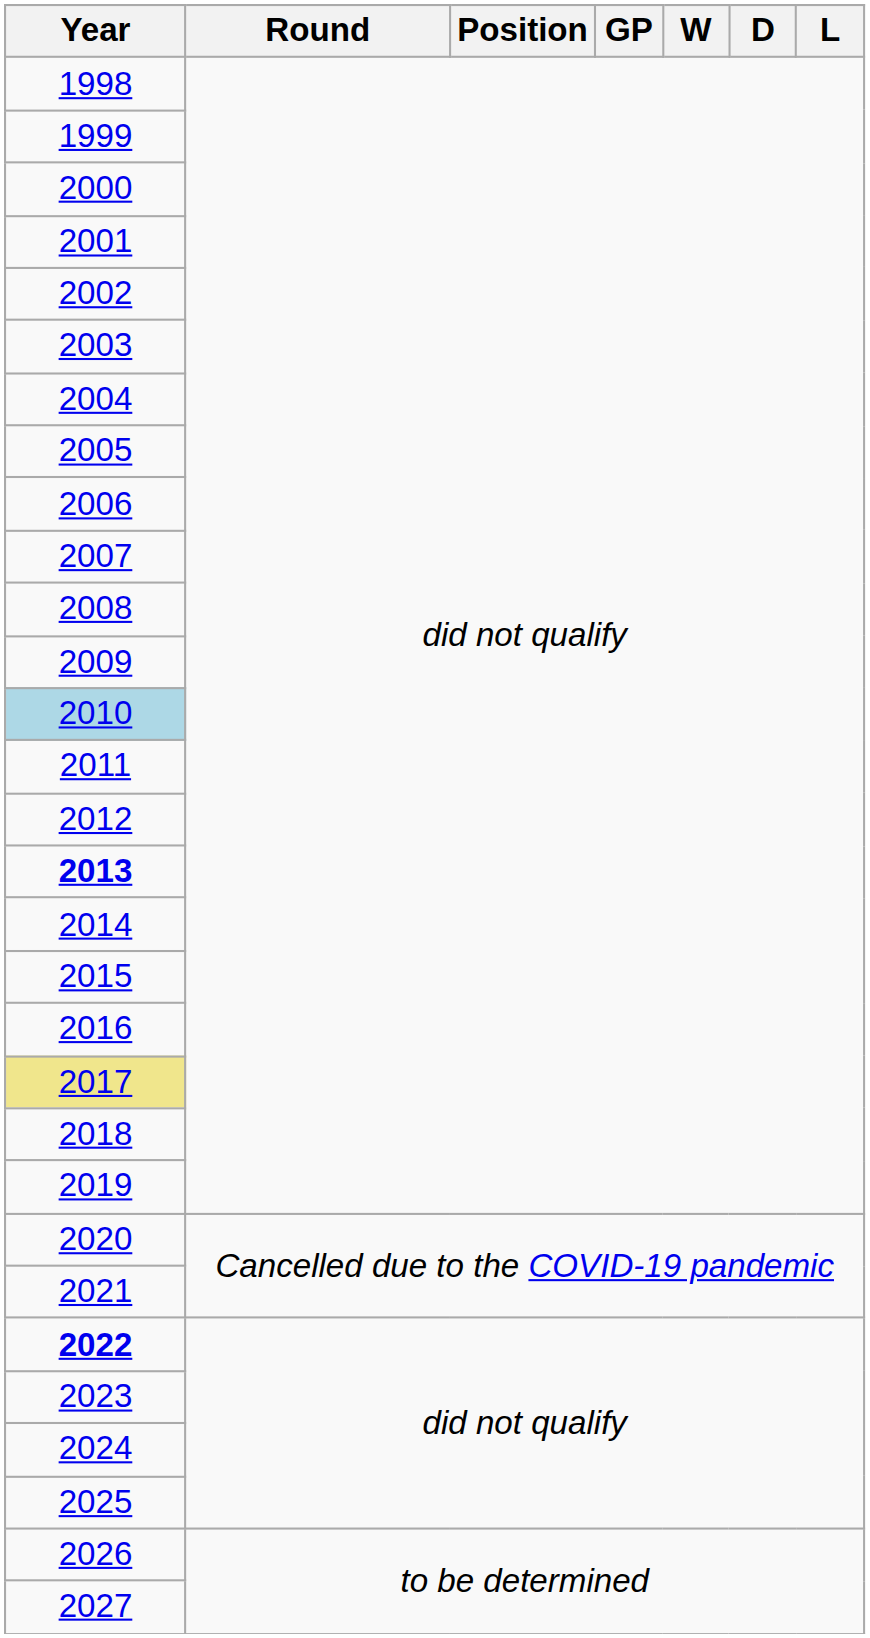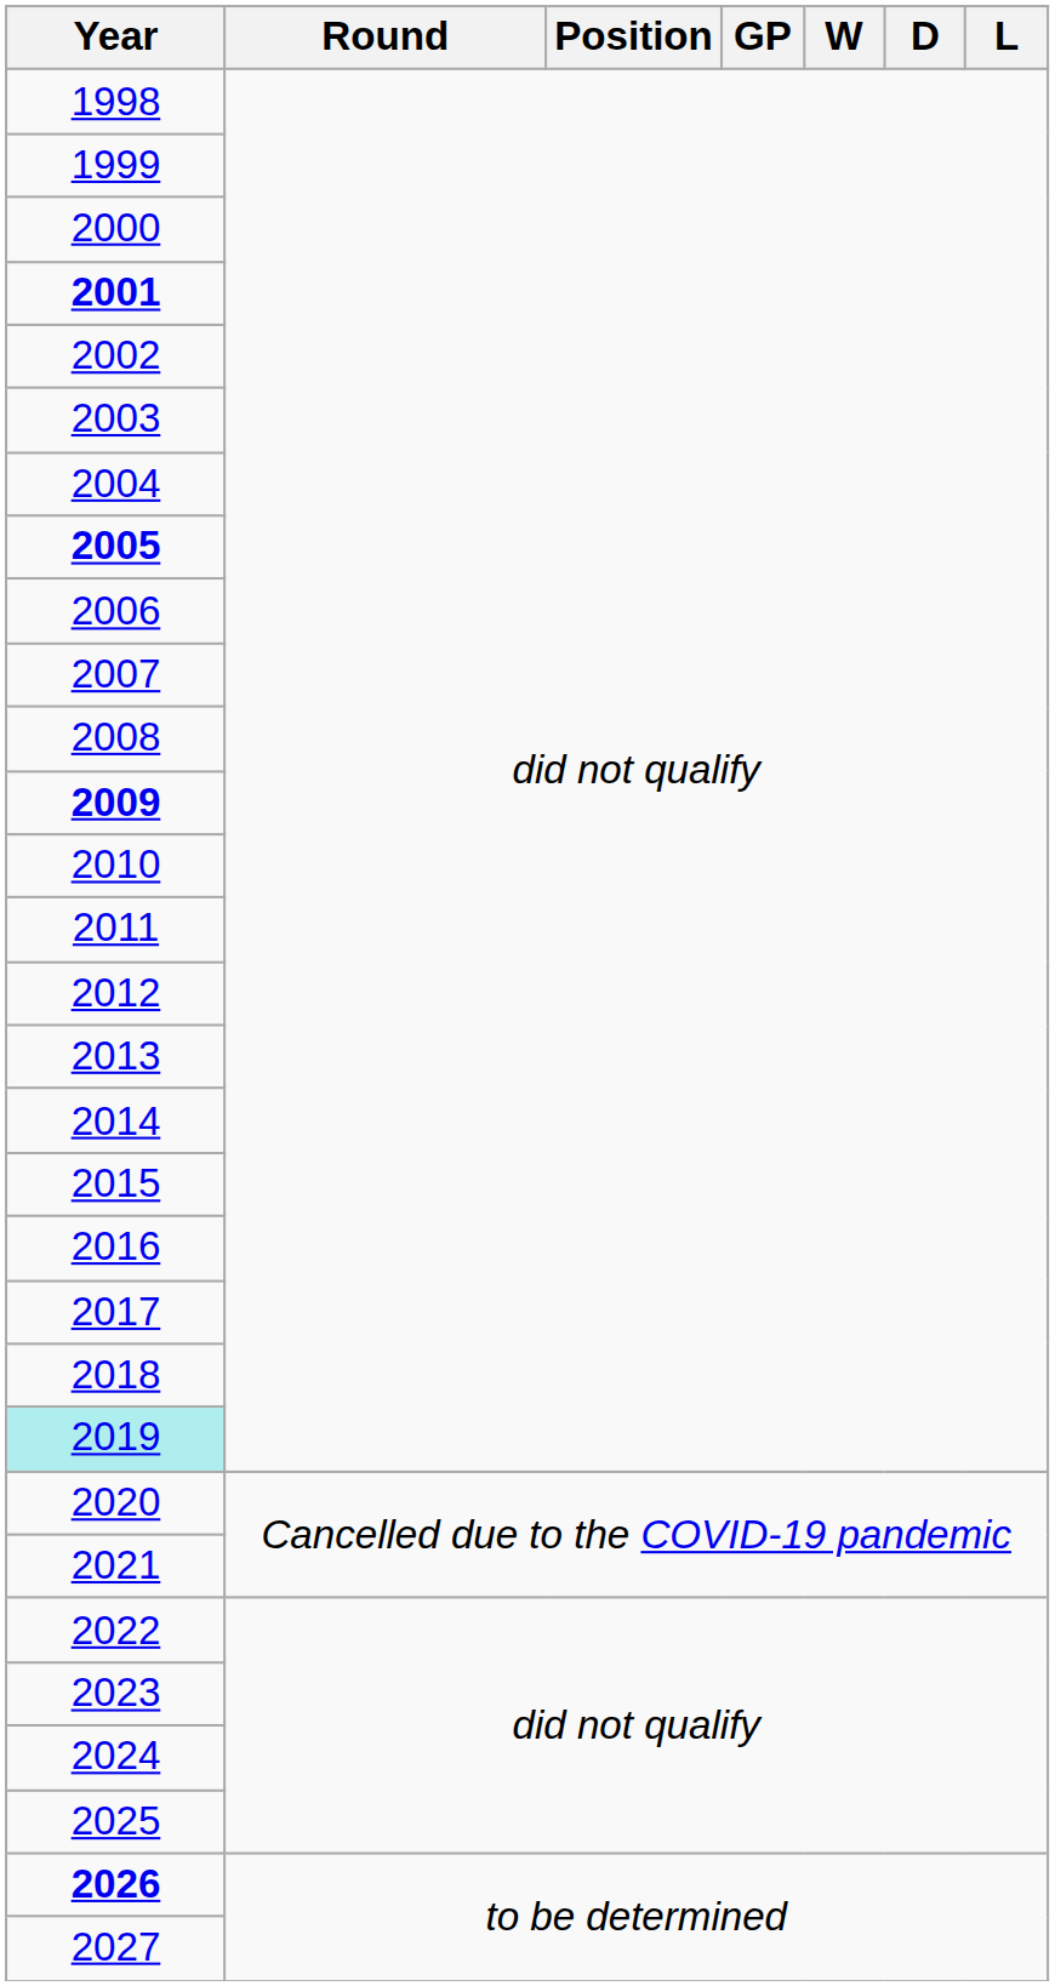 <table class="wikitable" style="text-align: center;">
 <tr>
 <th width=80>Year</th>
 <th width=120>Round</th>
 <th>Position</th>
 <th width=25>GP</th>
 <th width=25>W</th>
 <th width=25>D</th>
 <th width=25>L</th>
 </tr>
 <tr>
 <td><a href='#'>1998</a></td>
 <td colspan=6 rowspan=22><em>did not qualify</em></td>
 </tr>
 <tr>
 <td> <a href='#'>1999</a></td>
 </tr>
 <tr>
 <td> <a href='#'>2000</a></td>
 </tr>
 <tr>
-<td> <a href='#'>2001</a></td>
+<td><strong> <a href='#'>2001</a></strong></td>
 </tr>
 <tr>
 <td> <a href='#'>2002</a></td>
 </tr>
 <tr>
 <td> <a href='#'>2003</a></td>
 </tr>
 <tr>
 <td> <a href='#'>2004</a></td>
 </tr>
 <tr>
-<td> <a href='#'>2005</a></td>
+<td><strong> <a href='#'>2005</a></strong></td>
 </tr>
 <tr>
 <td> <a href='#'>2006</a></td>
 </tr>
 <tr>
 <td> <a href='#'>2007</a></td>
 </tr>
 <tr>
 <td> <a href='#'>2008</a></td>
 </tr>
 <tr>
-<td> <a href='#'>2009</a></td>
+<td><strong> <a href='#'>2009</a></strong></td>
 </tr>
 <tr>
-<td style="background: lightblue;"> <a href='#'>2010</a></td>
+<td> <a href='#'>2010</a></td>
 </tr>
 <tr>
 <td> <a href='#'>2011</a></td>
 </tr>
 <tr>
 <td> <a href='#'>2012</a></td>
 </tr>
 <tr>
-<td><strong> <a href='#'>2013</a></strong></td>
+<td> <a href='#'>2013</a></td>
 </tr>
 <tr>
 <td> <a href='#'>2014</a></td>
 </tr>
 <tr>
 <td> <a href='#'>2015</a></td>
 </tr>
 <tr>
 <td> <a href='#'>2016</a></td>
 </tr>
 <tr>
-<td style="background: khaki;"> <a href='#'>2017</a></td>
+<td> <a href='#'>2017</a></td>
 </tr>
 <tr>
 <td> <a href='#'>2018</a></td>
 </tr>
 <tr>
-<td> <a href='#'>2019</a></td>
+<td style="background: paleturquoise;"> <a href='#'>2019</a></td>
 </tr>
 <tr>
 <td> <a href='#'>2020</a></td>
 <td colspan=6 rowspan=2><em>Cancelled due to the <a href='#'>COVID-19 pandemic</a></em></td>
 </tr>
 <tr>
 <td> <a href='#'>2021</a></td>
 </tr>
 <tr>
-<td><strong> <a href='#'>2022</a></strong></td>
+<td> <a href='#'>2022</a></td>
 <td colspan=6 rowspan=4><em>did not qualify</em></td>
 </tr>
 <tr>
 <td> <a href='#'>2023</a></td>
 </tr>
 <tr>
 <td> <a href='#'>2024</a></td>
 </tr>
 <tr>
 <td> <a href='#'>2025</a></td>
 </tr>
 <tr>
-<td> <a href='#'>2026</a></td>
+<td><strong> <a href='#'>2026</a></strong></td>
 <td colspan=6 rowspan=2><em>to be determined</em></td>
 </tr>
 <tr>
 <td> <a href='#'>2027</a></td>
 </tr>
 </table>
